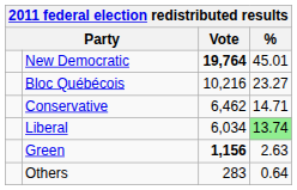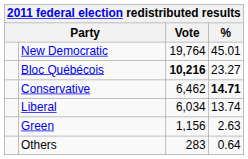 <table class="wikitable">
 <tr>
 <th colspan="4"><a href='#'>2011 federal election</a> redistributed results</th>
 </tr>
 <tr>
 <th bgcolor="#DDDDFF" width="130px" colspan="2">Party</th>
 <th bgcolor="#DDDDFF" width="50px">Vote</th>
 <th bgcolor="#DDDDFF" width="30px">%</th>
 </tr>
 <tr>
 <td> </td>
 <td><a href='#'>New Democratic</a></td>
-<td align=right><strong>19,764</strong></td>
+<td align=right>19,764</td>
 <td align=right>45.01</td>
 </tr>
 <tr>
 <td> </td>
 <td><a href='#'>Bloc Québécois</a></td>
-<td align=right>10,216</td>
+<td align=right><strong>10,216</strong></td>
 <td align=right>23.27</td>
 </tr>
 <tr>
 <td> </td>
 <td><a href='#'>Conservative</a></td>
 <td align=right>6,462</td>
-<td align=right>14.71</td>
+<td align=right><strong>14.71</strong></td>
 </tr>
 <tr>
 <td> </td>
 <td><a href='#'>Liberal</a></td>
 <td align=right>6,034</td>
-<td align=right style="background: lightgreen;">13.74</td>
+<td align=right>13.74</td>
 </tr>
 <tr>
 <td> </td>
 <td><a href='#'>Green</a></td>
-<td align=right><strong>1,156</strong></td>
+<td align=right>1,156</td>
 <td align=right>2.63</td>
 </tr>
 <tr>
 <td> </td>
 <td>Others</td>
 <td align=right>283</td>
 <td align=right>0.64</td>
 </tr>
 </table>
